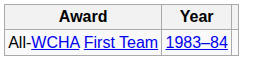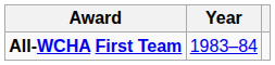 <table class="wikitable">
 <tr>
 <th>Award</th>
 <th>Year</th>
 <th></th>
 </tr>
 <tr>
-<td>All-<a href='#'>WCHA</a> <a href='#'>First Team</a></td>
+<td><strong>All-<a href='#'>WCHA</a> <a href='#'>First Team</a></strong></td>
 <td><a href='#'>1983–84</a></td>
 <td></td>
 </tr>
 <tr>
 </tr>
 </table>
